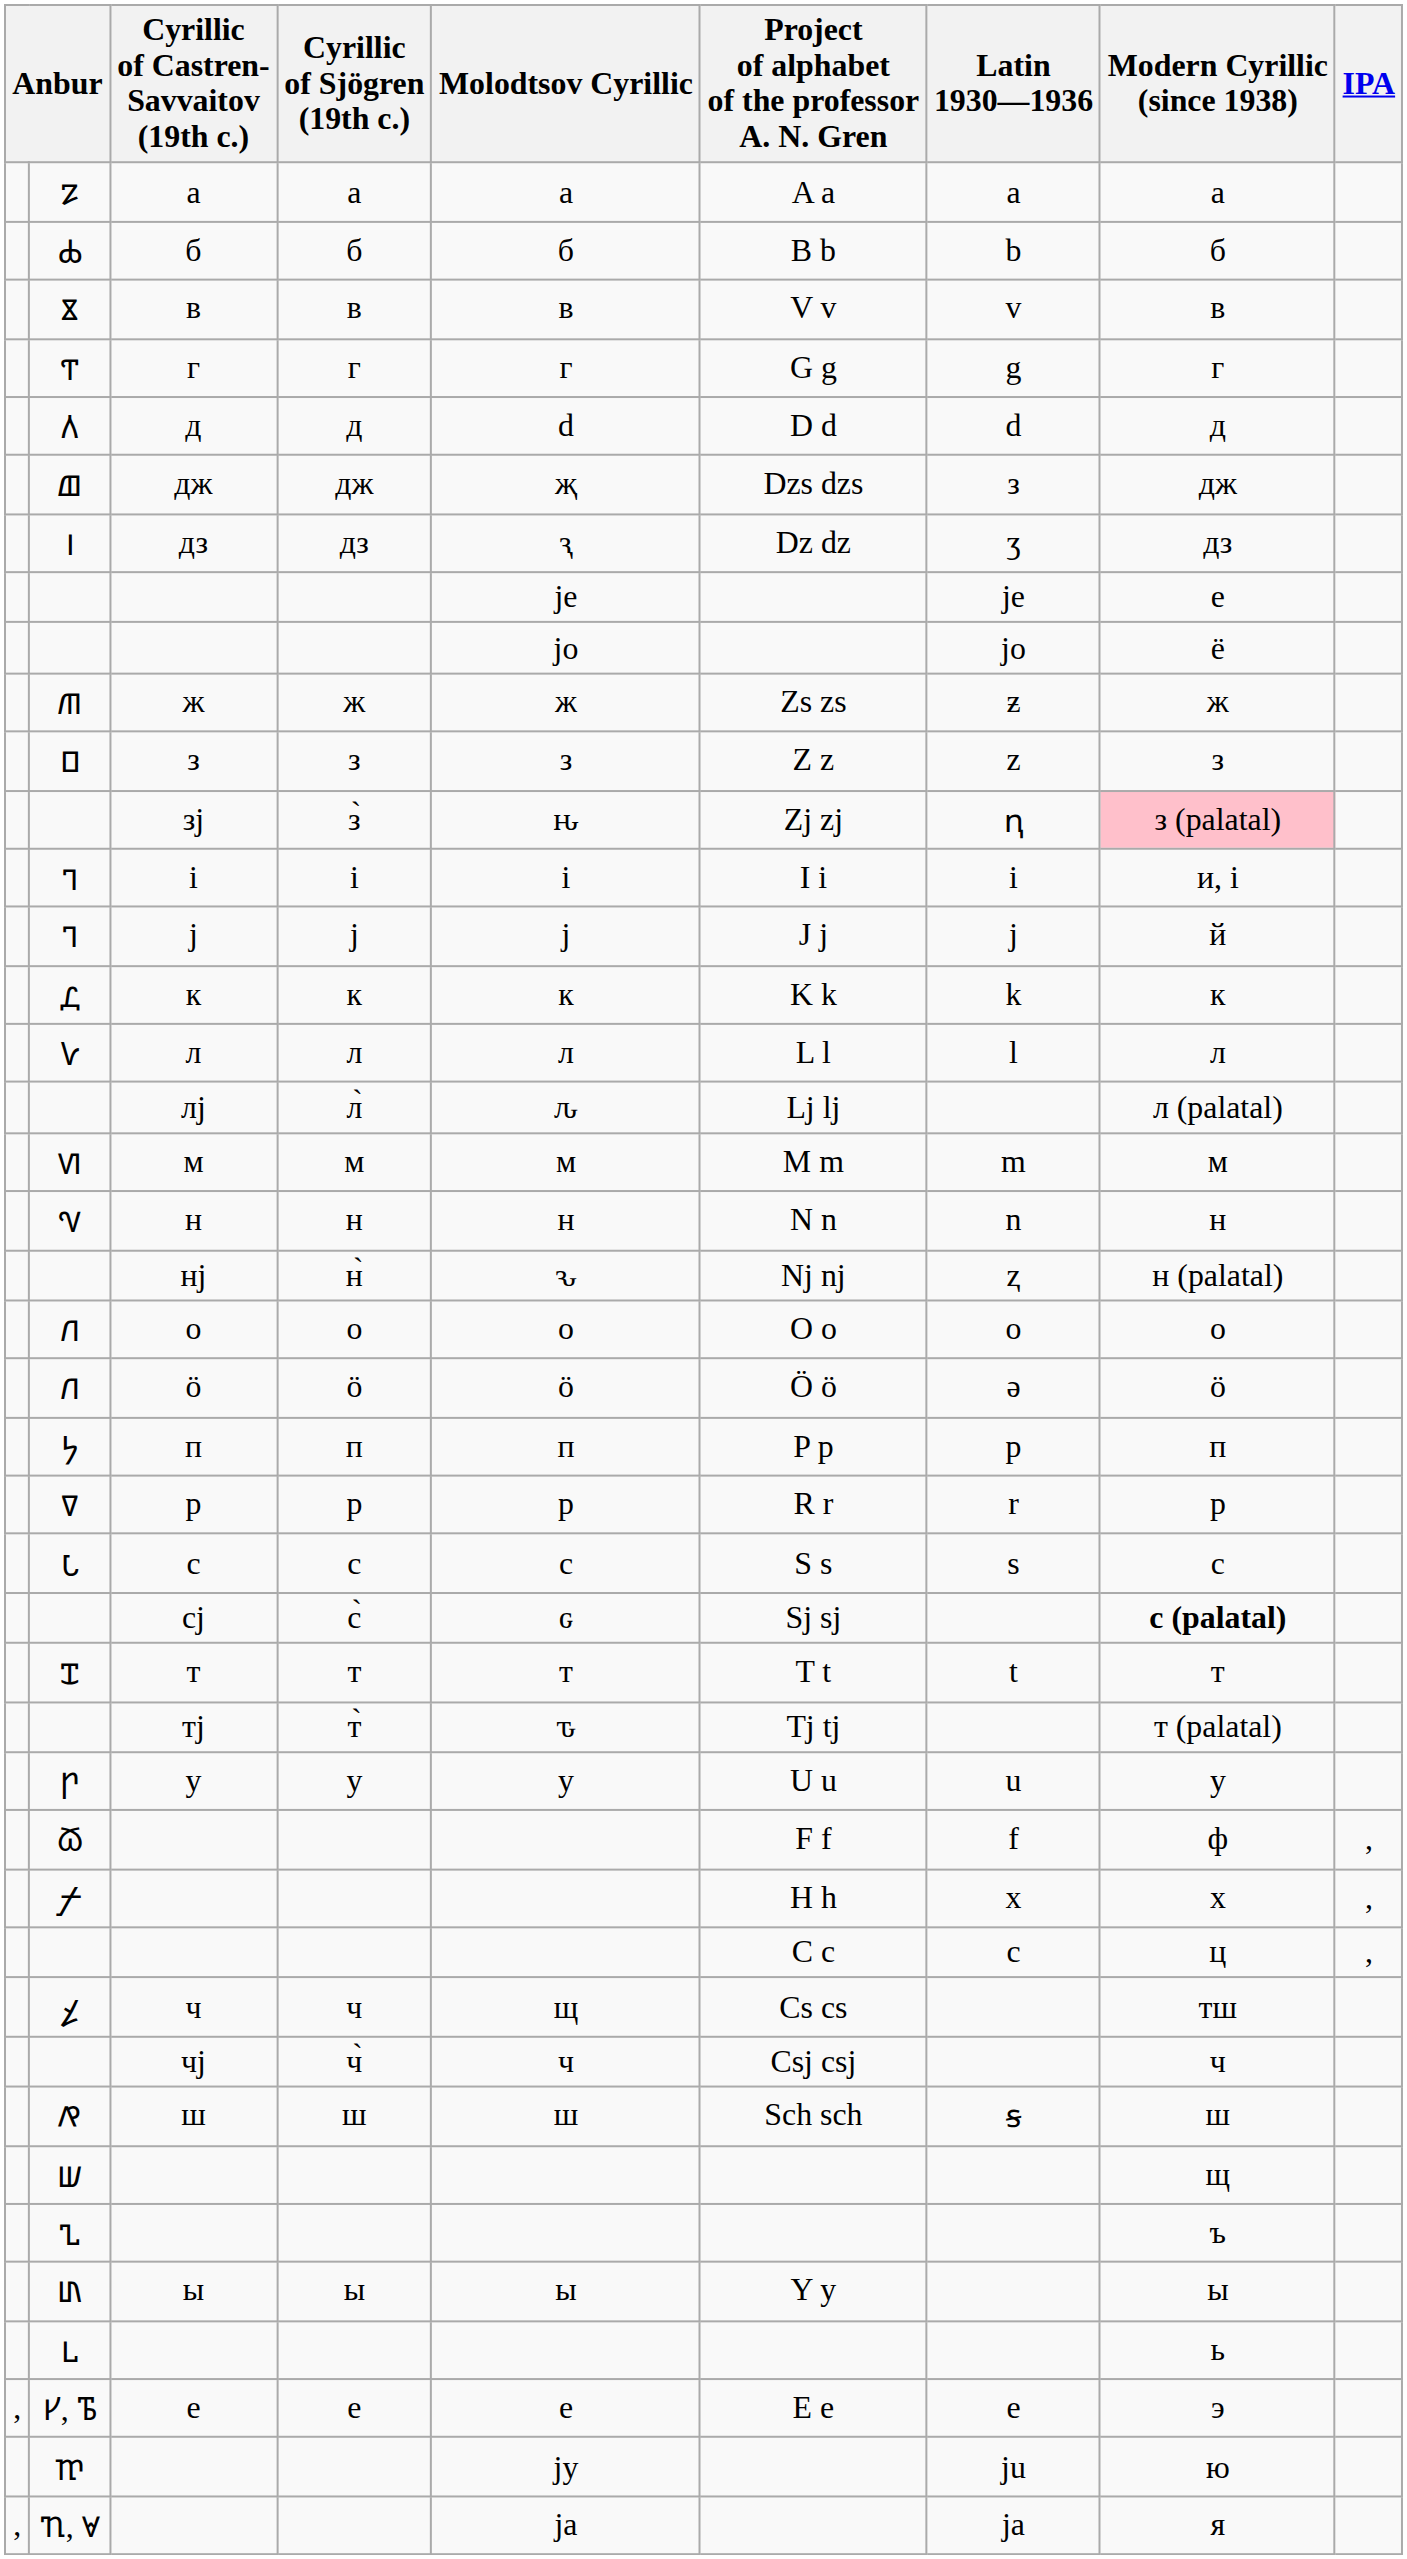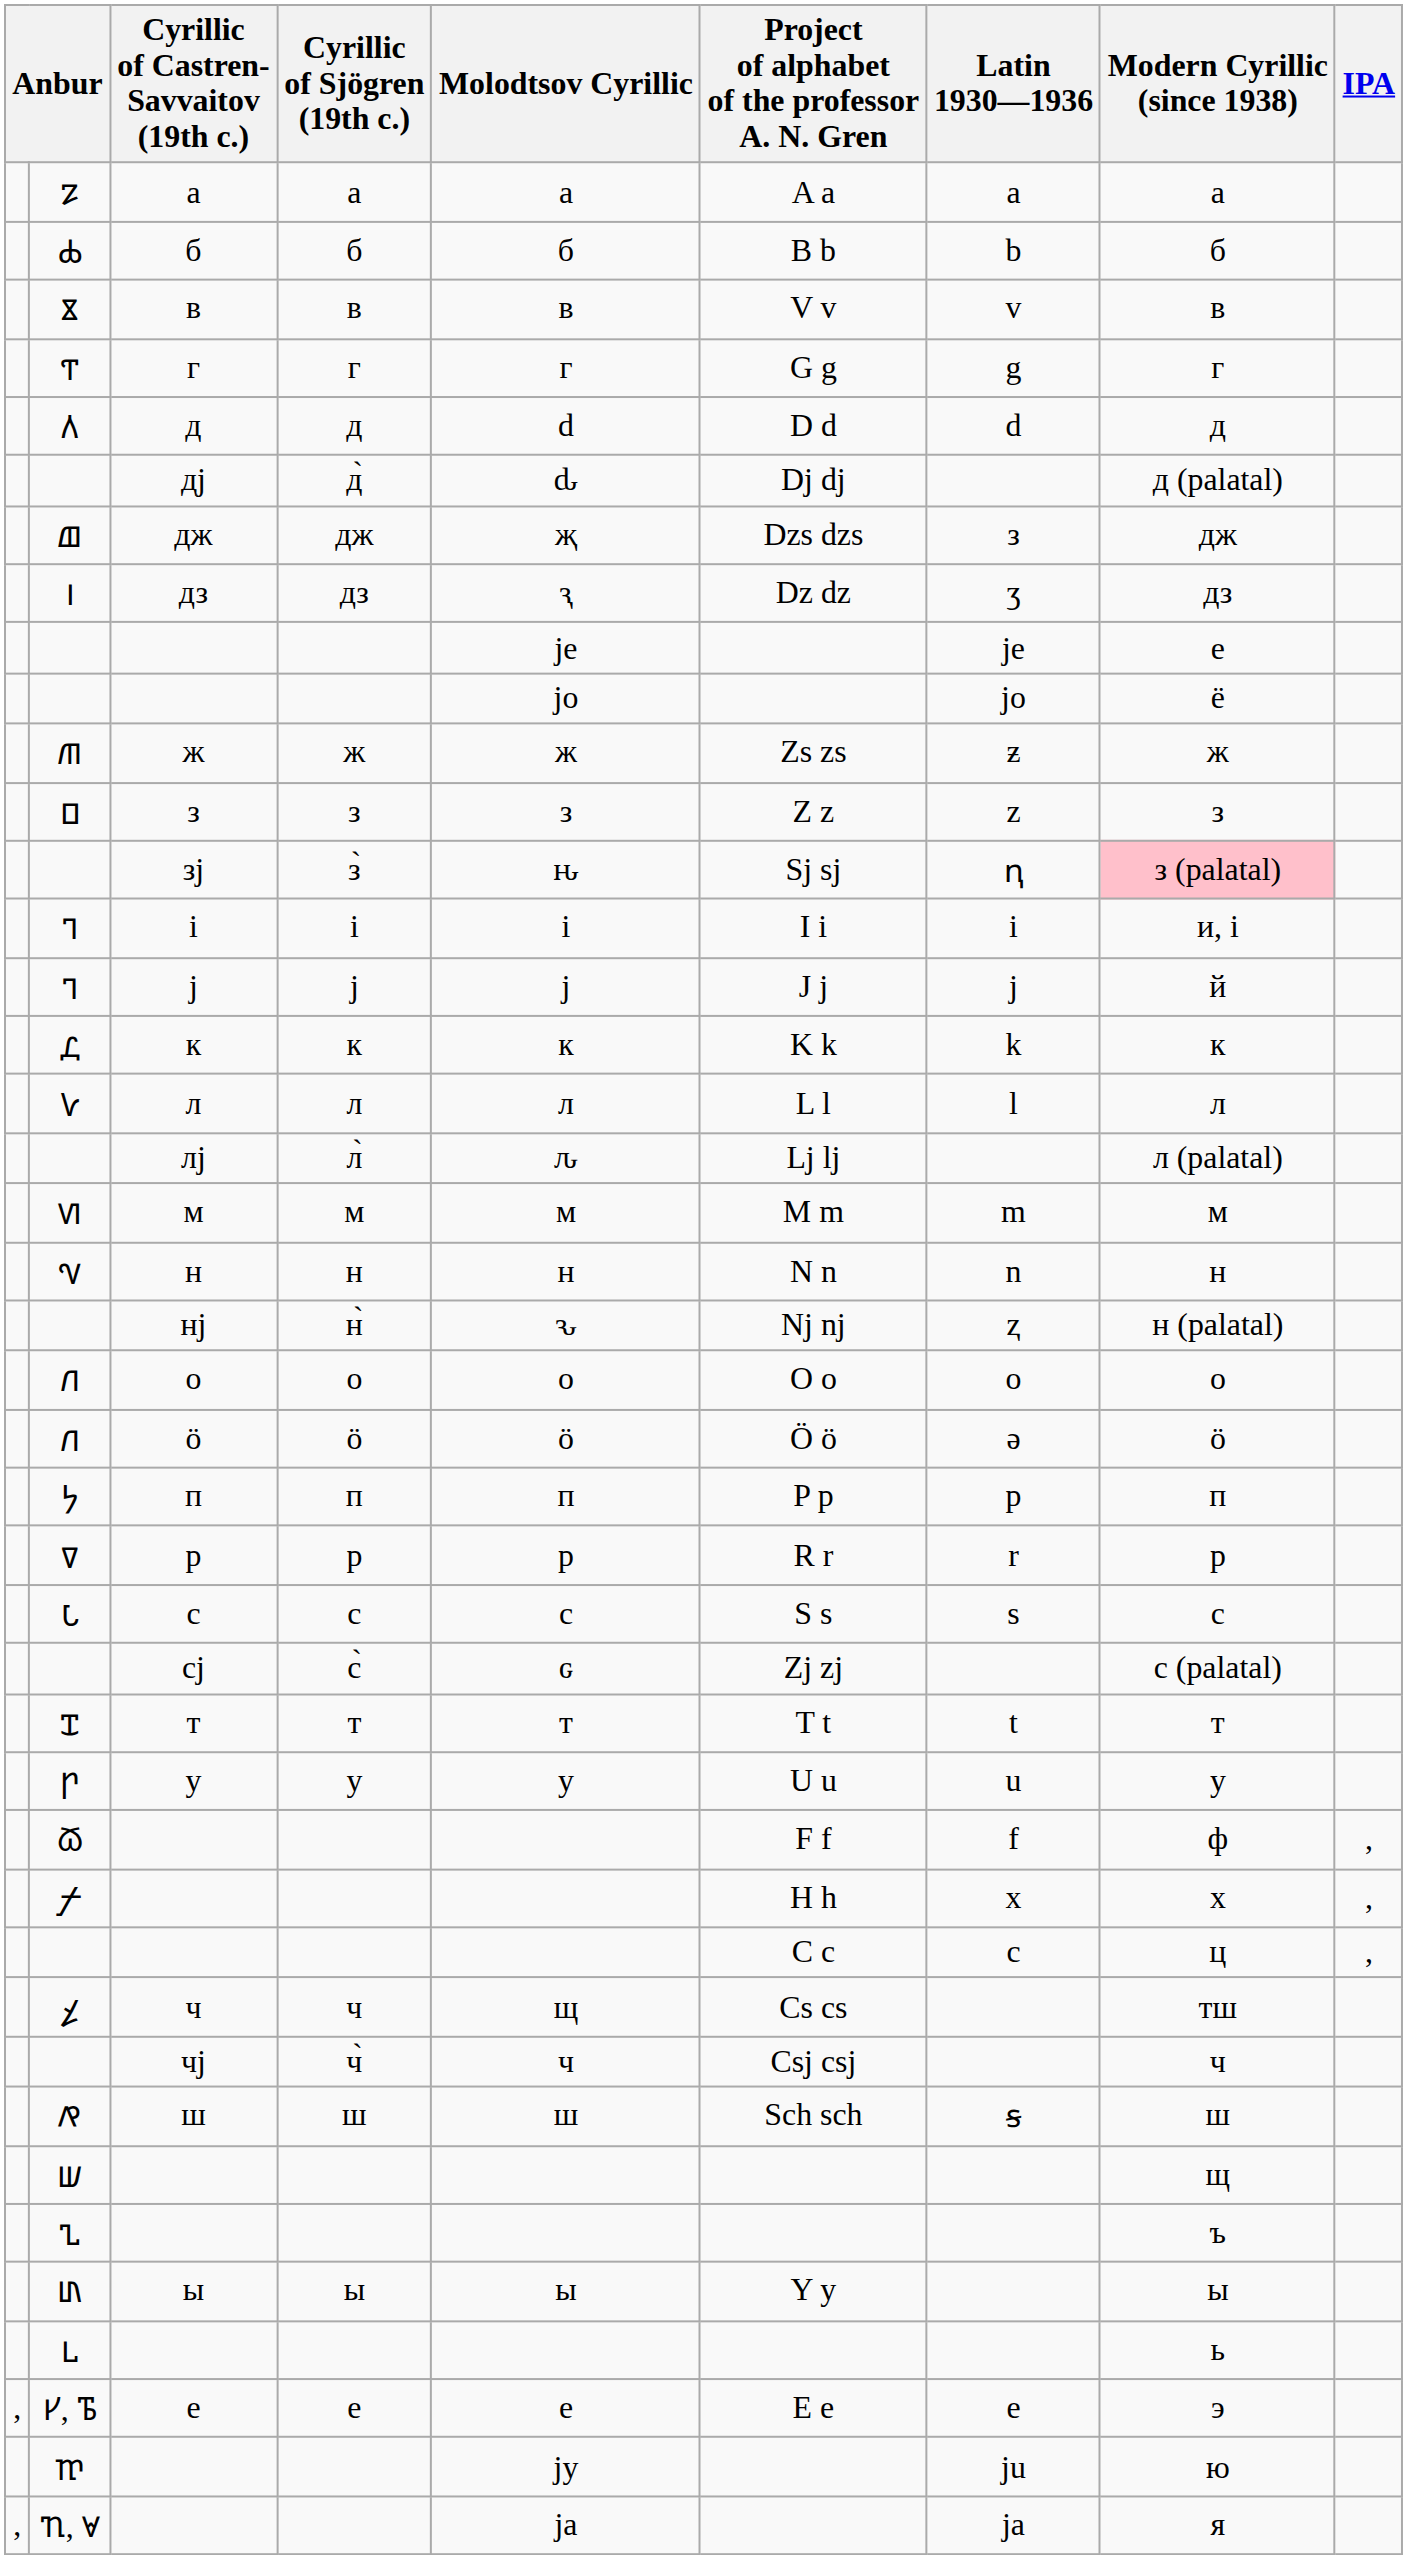 <table class="wikitable" style="text-align: center">
 <tr>
 <th colspan="2">Anbur</th>
 <th>Cyrillic<br>of Castren-<br>Savvaitov<br>(19th c.)</th>
 <th>Cyrillic<br>of Sjögren <br>(19th c.)</th>
 <th>Molodtsov Cyrillic</th>
 <th>Project<br>of alphabet<br>of the professor<br>A. N. Gren</th>
 <th>Latin<br>1930—1936</th>
 <th>Modern Cyrillic<br>(since 1938)</th>
 <th><a href='#'>IPA</a></th>
 </tr>
 <tr>
 <td></td>
 <td>𐍐</td>
 <td>а</td>
 <td>а</td>
 <td>а</td>
 <td>A a</td>
 <td>a</td>
 <td>а</td>
 <td></td>
 </tr>
 <tr>
 <td></td>
 <td>𐍑</td>
 <td>б</td>
 <td>б</td>
 <td>б</td>
 <td>B b</td>
 <td>b</td>
 <td>б</td>
 <td></td>
 </tr>
 <tr>
 <td></td>
 <td>𐍮</td>
 <td>в</td>
 <td>в</td>
 <td>в</td>
 <td>V v</td>
 <td>v</td>
 <td>в</td>
 <td></td>
 </tr>
 <tr>
 <td></td>
 <td>𐍒</td>
 <td>г</td>
 <td>г</td>
 <td>г</td>
 <td>G g</td>
 <td>g</td>
 <td>г</td>
 <td></td>
 </tr>
 <tr>
 <td></td>
 <td>𐍓</td>
 <td>д</td>
 <td>д</td>
 <td>ԁ</td>
 <td>D d</td>
 <td>d</td>
 <td>д</td>
+<td></td>
+</tr>
+<tr>
+<td></td>
+<td></td>
+<td>дј</td>
+<td>д̀</td>
+<td>ԃ</td>
+<td>Dj dj</td>
+<td></td>
+<td>д (palatal)</td>
 <td></td>
 </tr>
 <tr>
 <td></td>
 <td>𐍖‎</td>
 <td>дж</td>
 <td>дж</td>
 <td>җ</td>
 <td>Dzs dzs</td>
 <td>з</td>
 <td>дж</td>
 <td></td>
 </tr>
 <tr>
 <td></td>
 <td>𐍘</td>
 <td>дз</td>
 <td>дз</td>
 <td>ԇ</td>
 <td>Dz dz</td>
 <td>ӡ</td>
 <td>дз</td>
 <td></td>
 </tr>
 <tr>
 <td></td>
 <td></td>
 <td></td>
 <td></td>
 <td>је</td>
 <td></td>
 <td>je</td>
 <td>е</td>
 <td></td>
 </tr>
 <tr>
 <td></td>
 <td></td>
 <td></td>
 <td></td>
 <td>јо</td>
 <td></td>
 <td>jo</td>
 <td>ё</td>
 <td></td>
 </tr>
 <tr>
 <td></td>
 <td>𐍕</td>
 <td>ж</td>
 <td>ж</td>
 <td>ж</td>
 <td>Zs zs</td>
 <td>ƶ</td>
 <td>ж</td>
 <td></td>
 </tr>
 <tr>
 <td></td>
 <td>𐍗</td>
 <td>з</td>
 <td>з</td>
 <td>з</td>
 <td>Z z</td>
 <td>z</td>
 <td>з</td>
 <td></td>
 </tr>
 <tr>
 <td></td>
 <td></td>
 <td>зј</td>
 <td>з̀</td>
 <td>ԋ</td>
-<td>Zj zj</td>
+<td>Sj sj</td>
 <td>ꞑ</td>
 <td style="background: pink;">з (palatal)</td>
 <td></td>
 </tr>
 <tr>
 <td></td>
 <td>𐍙</td>
 <td>і</td>
 <td>і</td>
 <td>і</td>
 <td>I i</td>
 <td>i</td>
 <td>и, і</td>
 <td></td>
 </tr>
 <tr>
 <td></td>
 <td>𐍙</td>
 <td>ј</td>
 <td>ј</td>
 <td>ј</td>
 <td>J j</td>
 <td>j</td>
 <td>й</td>
 <td></td>
 </tr>
 <tr>
 <td></td>
 <td>𐍚</td>
 <td>к</td>
 <td>к</td>
 <td>к</td>
 <td>K k</td>
 <td>k</td>
 <td>к</td>
 <td></td>
 </tr>
 <tr>
 <td></td>
 <td>𐍛</td>
 <td>л</td>
 <td>л</td>
 <td>л</td>
 <td>L l</td>
 <td>l</td>
 <td>л</td>
 <td></td>
 </tr>
 <tr>
 <td></td>
 <td></td>
 <td>лј</td>
 <td>л̀</td>
 <td>ԉ</td>
 <td>Lj lj</td>
 <td></td>
 <td>л (palatal)</td>
 <td></td>
 </tr>
 <tr>
 <td></td>
 <td>𐍜</td>
 <td>м</td>
 <td>м</td>
 <td>м</td>
 <td>M m</td>
 <td>m</td>
 <td>м</td>
 <td></td>
 </tr>
 <tr>
 <td></td>
 <td>𐍝</td>
 <td>н</td>
 <td>н</td>
 <td>н</td>
 <td>N n</td>
 <td>n</td>
 <td>н</td>
 <td></td>
 </tr>
 <tr>
 <td></td>
 <td></td>
 <td>нј</td>
 <td>н̀</td>
 <td>ԅ</td>
 <td>Nj nj</td>
 <td>ⱬ</td>
 <td>н (palatal)</td>
 <td></td>
 </tr>
 <tr>
 <td></td>
 <td>𐍩</td>
 <td>о</td>
 <td>о</td>
 <td>о</td>
 <td>O o</td>
 <td>o</td>
 <td>o</td>
 <td></td>
 </tr>
 <tr>
 <td></td>
 <td>𐍩</td>
 <td>ӧ</td>
 <td>ӧ</td>
 <td>ӧ</td>
 <td>Ö ö</td>
 <td>ə</td>
 <td>ӧ</td>
 <td></td>
 </tr>
 <tr>
 <td></td>
 <td>𐍟</td>
 <td>п</td>
 <td>п</td>
 <td>п</td>
 <td>P p</td>
 <td>p</td>
 <td>п</td>
 <td></td>
 </tr>
 <tr>
 <td></td>
 <td>𐍠</td>
 <td>р</td>
 <td>р</td>
 <td>р</td>
 <td>R r</td>
 <td>r</td>
 <td>р</td>
 <td></td>
 </tr>
 <tr>
 <td></td>
 <td>𐍡</td>
 <td>с</td>
 <td>с</td>
 <td>с</td>
 <td>S s</td>
 <td>s</td>
 <td>с</td>
 <td></td>
 </tr>
 <tr>
 <td></td>
 <td></td>
 <td>сј</td>
 <td>с̀</td>
 <td>ԍ</td>
-<td>Sj sj</td>
+<td>Zj zj</td>
 <td></td>
-<td><strong>с (palatal)</strong></td>
+<td>с (palatal)</td>
 <td></td>
 </tr>
 <tr>
 <td></td>
 <td>𐍢</td>
 <td>т</td>
 <td>т</td>
 <td>т</td>
 <td>T t</td>
 <td>t</td>
 <td>т</td>
-<td></td>
-</tr>
-<tr>
-<td></td>
-<td></td>
-<td>тј</td>
-<td>т̀</td>
-<td>ԏ</td>
-<td>Tj tj</td>
-<td></td>
-<td>т (palatal)</td>
 <td></td>
 </tr>
 <tr>
 <td></td>
 <td>𐍣</td>
 <td>у</td>
 <td>у</td>
 <td>у</td>
 <td>U u</td>
 <td>u</td>
 <td>у</td>
 <td></td>
 </tr>
 <tr>
 <td></td>
 <td>𐍫</td>
 <td></td>
 <td></td>
 <td></td>
 <td>F f</td>
 <td>f</td>
 <td>ф</td>
 <td>, </td>
 </tr>
 <tr>
 <td></td>
 <td>𐍬</td>
 <td></td>
 <td></td>
 <td></td>
 <td>H h</td>
 <td>x</td>
 <td>х</td>
 <td>, </td>
 </tr>
 <tr>
 <td></td>
 <td></td>
 <td></td>
 <td></td>
 <td></td>
 <td>C c</td>
 <td>c</td>
 <td>ц</td>
 <td>, </td>
 </tr>
 <tr>
 <td></td>
 <td>𐍤</td>
 <td>ч</td>
 <td>ч</td>
 <td>щ</td>
 <td>Cs cs</td>
 <td></td>
 <td>тш</td>
 <td><br></td>
 </tr>
 <tr>
 <td></td>
 <td></td>
 <td>чј</td>
 <td>ч̀</td>
 <td>ч</td>
 <td>Csj csj</td>
 <td></td>
 <td>ч</td>
 <td></td>
 </tr>
 <tr>
 <td></td>
 <td>𐍥</td>
 <td>ш</td>
 <td>ш</td>
 <td>ш</td>
 <td>Sch sch</td>
 <td>ꞩ</td>
 <td>ш</td>
 <td></td>
 </tr>
 <tr>
 <td></td>
 <td>𐍦</td>
 <td></td>
 <td></td>
 <td></td>
 <td></td>
 <td></td>
 <td>щ</td>
 <td></td>
 </tr>
 <tr>
 <td></td>
 <td>𐍯</td>
 <td></td>
 <td></td>
 <td></td>
 <td></td>
 <td></td>
 <td>ъ</td>
 <td></td>
 </tr>
 <tr>
 <td></td>
 <td>𐍨</td>
 <td>ы</td>
 <td>ы</td>
 <td>ы</td>
 <td>Y y</td>
 <td></td>
 <td>ы</td>
 <td></td>
 </tr>
 <tr>
 <td></td>
 <td>𐍰</td>
 <td></td>
 <td></td>
 <td></td>
 <td></td>
 <td></td>
 <td>ь</td>
 <td></td>
 </tr>
 <tr>
 <td>, </td>
 <td>𐍔, 𐍱</td>
 <td>е</td>
 <td>е</td>
 <td>е</td>
 <td>E e</td>
 <td>e</td>
 <td>э</td>
 <td></td>
 </tr>
 <tr>
 <td></td>
 <td>𐍳</td>
 <td></td>
 <td></td>
 <td>ју</td>
 <td></td>
 <td>ju</td>
 <td>ю</td>
 <td></td>
 </tr>
 <tr>
 <td>, </td>
 <td>𐍴‎, 𐍵</td>
 <td></td>
 <td></td>
 <td>ја</td>
 <td></td>
 <td>ja</td>
 <td>я</td>
 <td></td>
 </tr>
 </table>
